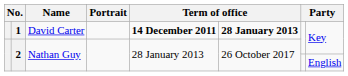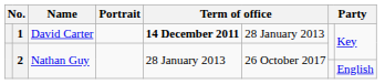 <table class="wikitable">
 <tr>
 <th colspan=2>No.</th>
 <th>Name</th>
 <th>Portrait</th>
 <th colspan=2>Term of office</th>
 <th colspan=2>Party</th>
 </tr>
 <tr>
 <th style="background:"></th>
 <th>1</th>
 <td><a href='#'>David Carter</a></td>
 <td></td>
 <td><strong>14 December 2011</strong></td>
-<td><strong>28 January 2013</strong></td>
+<td>28 January 2013</td>
 <td rowspan="2" style="background:"></td>
 <td rowspan="2"><a href='#'>Key</a></td>
 </tr>
 <tr>
 <th height=15 style="border-bottom:solid 0 grey; background:"></th>
 <th rowspan="2">2</th>
 <td rowspan="2"><a href='#'>Nathan Guy</a></td>
 <td rowspan="2"></td>
 <td rowspan="2">28 January 2013</td>
 <td rowspan="2">26 October 2017</td>
 </tr>
 <tr>
 <th style="border-top:solid 0 grey; background:"></th>
 <td style="background:"></td>
 <td><a href='#'>English</a></td>
 </tr>
 </table>
